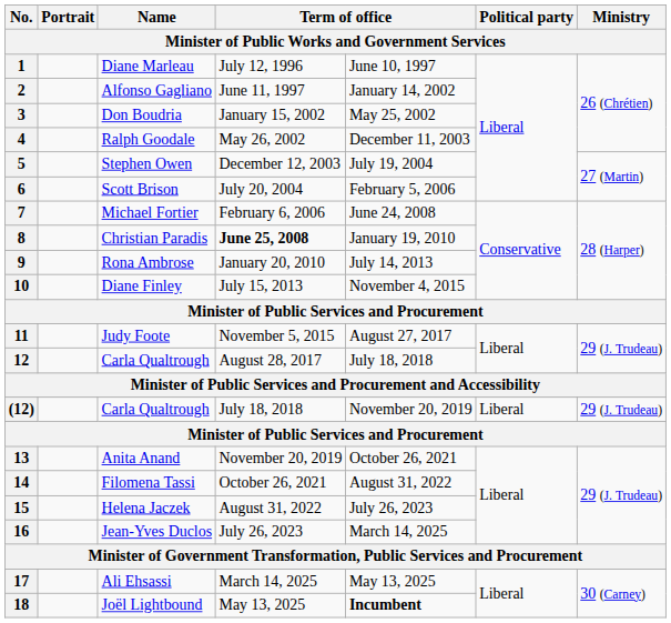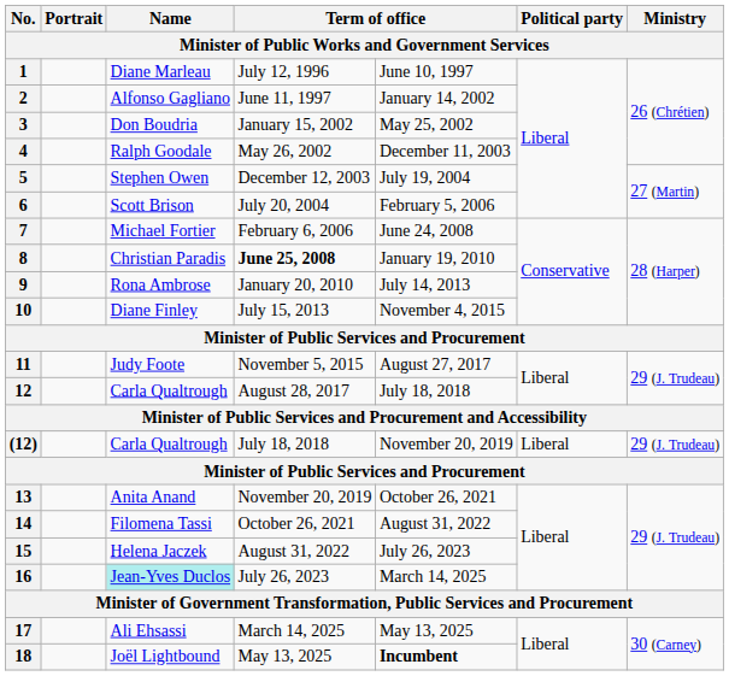 <table class="wikitable">
 <tr>
 <th>No.</th>
 <th>Portrait</th>
 <th>Name</th>
 <th colspan=2>Term of office</th>
 <th>Political party</th>
 <th>Ministry</th>
 </tr>
 <tr>
 <th colspan="7">Minister of Public Works and Government Services</th>
 </tr>
 <tr>
 <th style="background:">1</th>
 <td></td>
 <td><a href='#'>Diane Marleau</a></td>
 <td>July 12, 1996</td>
 <td>June 10, 1997</td>
 <td rowspan="6"><a href='#'>Liberal</a></td>
 <td rowspan=4><a href='#'>26</a> <small>(<a href='#'>Chrétien</a>)</small></td>
 </tr>
 <tr>
 <th style="background:">2</th>
 <td></td>
 <td><a href='#'>Alfonso Gagliano</a></td>
 <td>June 11, 1997</td>
 <td>January 14, 2002</td>
 </tr>
 <tr>
 <th style="background:">3</th>
 <td></td>
 <td><a href='#'>Don Boudria</a></td>
 <td>January 15, 2002</td>
 <td>May 25, 2002</td>
 </tr>
 <tr>
 <th style="background:">4</th>
 <td></td>
 <td><a href='#'>Ralph Goodale</a></td>
 <td>May 26, 2002</td>
 <td>December 11, 2003</td>
 </tr>
 <tr>
 <th style="background:">5</th>
 <td></td>
 <td><a href='#'>Stephen Owen</a></td>
 <td>December 12, 2003</td>
 <td>July 19, 2004</td>
 <td rowspan=2><a href='#'>27</a> <small>(<a href='#'>Martin</a>)</small></td>
 </tr>
 <tr>
 <th style="background:">6</th>
 <td></td>
 <td><a href='#'>Scott Brison</a></td>
 <td>July 20, 2004</td>
 <td>February 5, 2006</td>
 </tr>
 <tr>
 <th style="background:">7</th>
 <td></td>
 <td><a href='#'>Michael Fortier</a></td>
 <td>February 6, 2006</td>
 <td>June 24, 2008</td>
 <td rowspan="4"><a href='#'>Conservative</a></td>
 <td rowspan=4><a href='#'>28</a> <small>(<a href='#'>Harper</a>)</small></td>
 </tr>
 <tr>
 <th style="background:">8</th>
 <td></td>
 <td><a href='#'>Christian Paradis</a></td>
 <td><strong>June 25, 2008</strong></td>
 <td>January 19, 2010</td>
 </tr>
 <tr>
 <th style="background:">9</th>
 <td></td>
 <td><a href='#'>Rona Ambrose</a></td>
 <td>January 20, 2010</td>
 <td>July 14, 2013</td>
 </tr>
 <tr>
 <th style="background:">10</th>
 <td></td>
 <td><a href='#'>Diane Finley</a></td>
 <td>July 15, 2013</td>
 <td>November 4, 2015</td>
 </tr>
 <tr>
 <th colspan="7">Minister of Public Services and Procurement</th>
 </tr>
 <tr>
 <th style="background:">11</th>
 <td></td>
 <td><a href='#'>Judy Foote</a></td>
 <td>November 5, 2015</td>
 <td>August 27, 2017</td>
 <td rowspan="2">Liberal</td>
 <td rowspan=2><a href='#'>29</a> <small>(<a href='#'>J. Trudeau</a>)</small></td>
 </tr>
 <tr>
 <th style="background:">12</th>
 <td></td>
 <td><a href='#'>Carla Qualtrough</a></td>
 <td>August 28, 2017</td>
 <td>July 18, 2018</td>
 </tr>
 <tr>
 <th colspan="7">Minister of Public Services and Procurement and Accessibility</th>
 </tr>
 <tr>
 <th style="background:">(12)</th>
 <td></td>
 <td><a href='#'>Carla Qualtrough</a></td>
 <td>July 18, 2018</td>
 <td>November 20, 2019</td>
 <td>Liberal</td>
 <td><a href='#'>29</a> <small>(<a href='#'>J. Trudeau</a>)</small></td>
 </tr>
 <tr>
 <th colspan="8">Minister of Public Services and Procurement</th>
 </tr>
 <tr>
 <th style="background:">13</th>
 <td></td>
 <td><a href='#'>Anita Anand</a></td>
 <td>November 20, 2019</td>
 <td>October 26, 2021</td>
 <td rowspan="4">Liberal</td>
 <td rowspan=4><a href='#'>29</a> <small>(<a href='#'>J. Trudeau</a>)</small></td>
 </tr>
 <tr>
 <th style="background:">14</th>
 <td></td>
 <td><a href='#'>Filomena Tassi</a></td>
 <td>October 26, 2021</td>
 <td>August 31, 2022</td>
 </tr>
 <tr>
 <th style="background:">15</th>
 <td></td>
 <td><a href='#'>Helena Jaczek</a></td>
 <td>August 31, 2022</td>
 <td>July 26, 2023</td>
 </tr>
 <tr>
 <th style="background:">16</th>
 <td></td>
-<td><a href='#'>Jean-Yves Duclos</a></td>
+<td style="background: paleturquoise;"><a href='#'>Jean-Yves Duclos</a></td>
 <td>July 26, 2023</td>
 <td>March 14, 2025</td>
 </tr>
 <tr>
 <th colspan="7">Minister of Government Transformation, Public Services and Procurement</th>
 </tr>
 <tr>
 <th style="background:">17</th>
 <td></td>
 <td><a href='#'>Ali Ehsassi</a></td>
 <td>March 14, 2025</td>
 <td>May 13, 2025</td>
 <td rowspan="2">Liberal</td>
 <td rowspan="2"><a href='#'>30</a> <small>(<a href='#'>Carney</a>)</small></td>
 </tr>
 <tr>
 <th style="background:">18</th>
 <td></td>
 <td><a href='#'>Joël Lightbound</a></td>
 <td>May 13, 2025</td>
 <td><strong>Incumbent</strong></td>
 </tr>
 </table>
